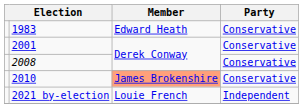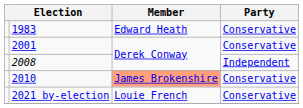 <table class="wikitable">
 <tr>
 <th colspan="2">Election</th>
 <th>Member</th>
 <th>Party</th>
 </tr>
 <tr>
 <td style="color:inherit;background-color: "></td>
 <td><a href='#'>1983</a></td>
 <td><a href='#'>Edward Heath</a></td>
 <td><a href='#'>Conservative</a></td>
 </tr>
 <tr>
 <td style="color:inherit;background-color: "></td>
 <td><a href='#'>2001</a></td>
 <td rowspan="2"><a href='#'>Derek Conway</a></td>
 <td><a href='#'>Conservative</a></td>
 </tr>
 <tr>
 <td style="color:inherit;background-color: "></td>
 <td><em>2008</em></td>
-<td><a href='#'>Conservative</a></td>
+<td><a href='#'>Independent</a></td>
 </tr>
 <tr>
 <td style="color:inherit;background-color: "></td>
 <td><a href='#'>2010</a></td>
 <td style="background: lightsalmon;"><a href='#'>James Brokenshire</a></td>
 <td><a href='#'>Conservative</a></td>
 </tr>
 <tr>
 <td style="color:inherit;background-color: "></td>
 <td><a href='#'>2021 by-election</a></td>
 <td><a href='#'>Louie French</a></td>
-<td><a href='#'>Independent</a></td>
+<td><a href='#'>Conservative</a></td>
 </tr>
 <tr>
 </tr>
 </table>
